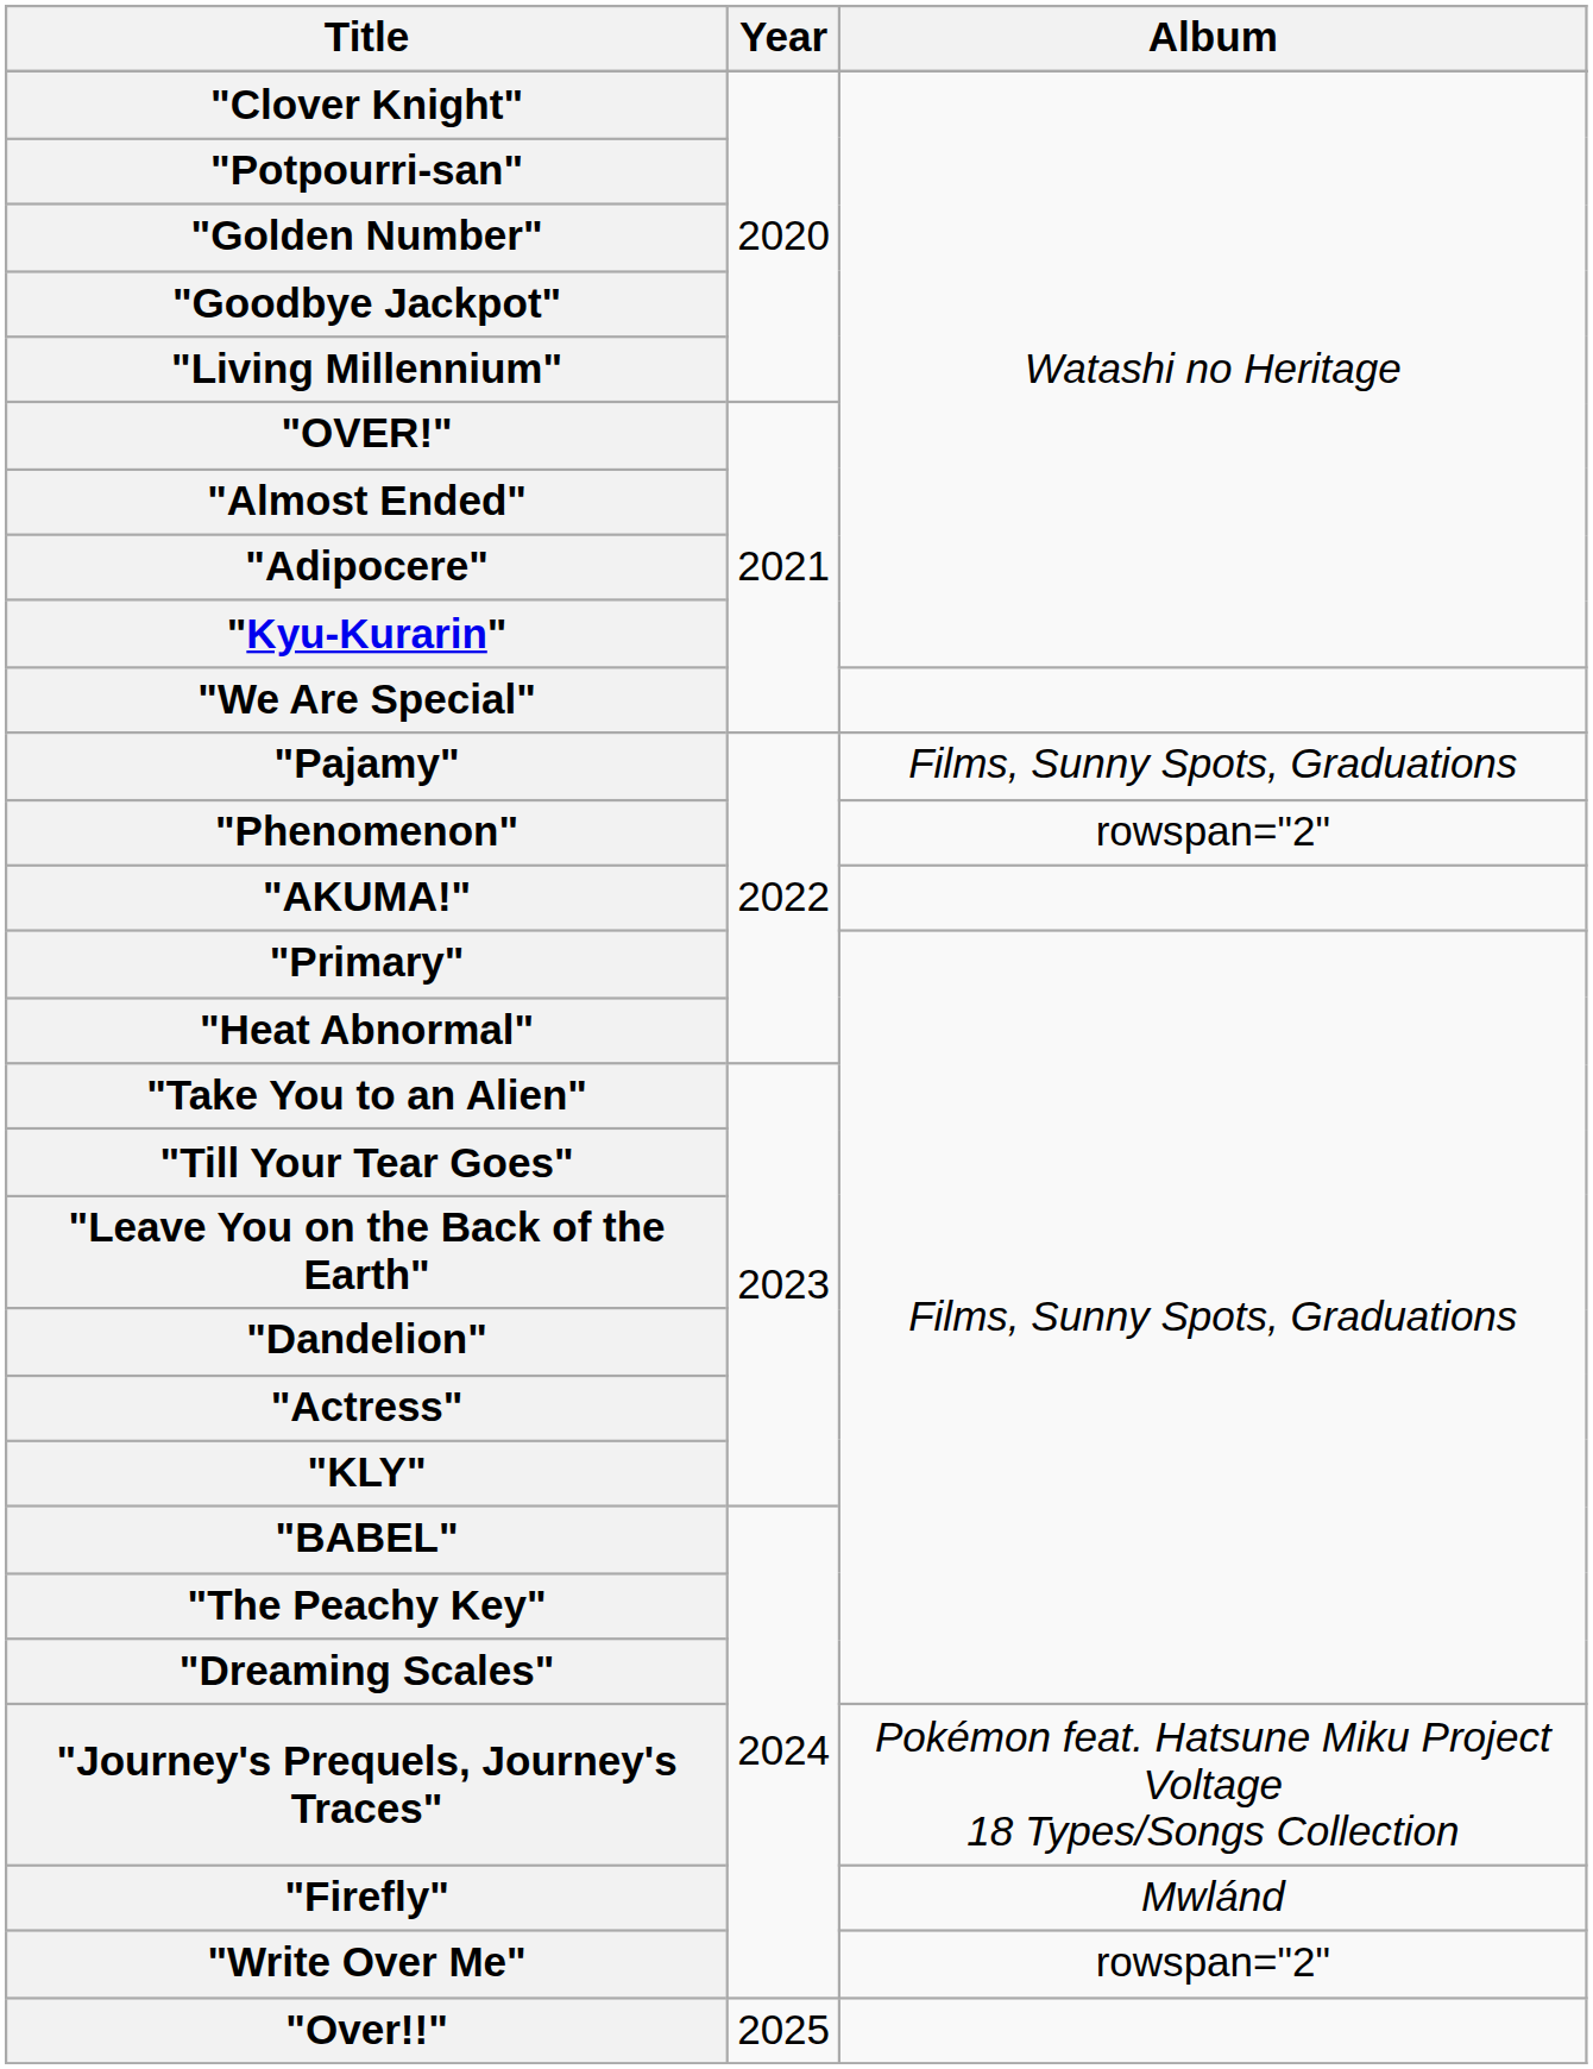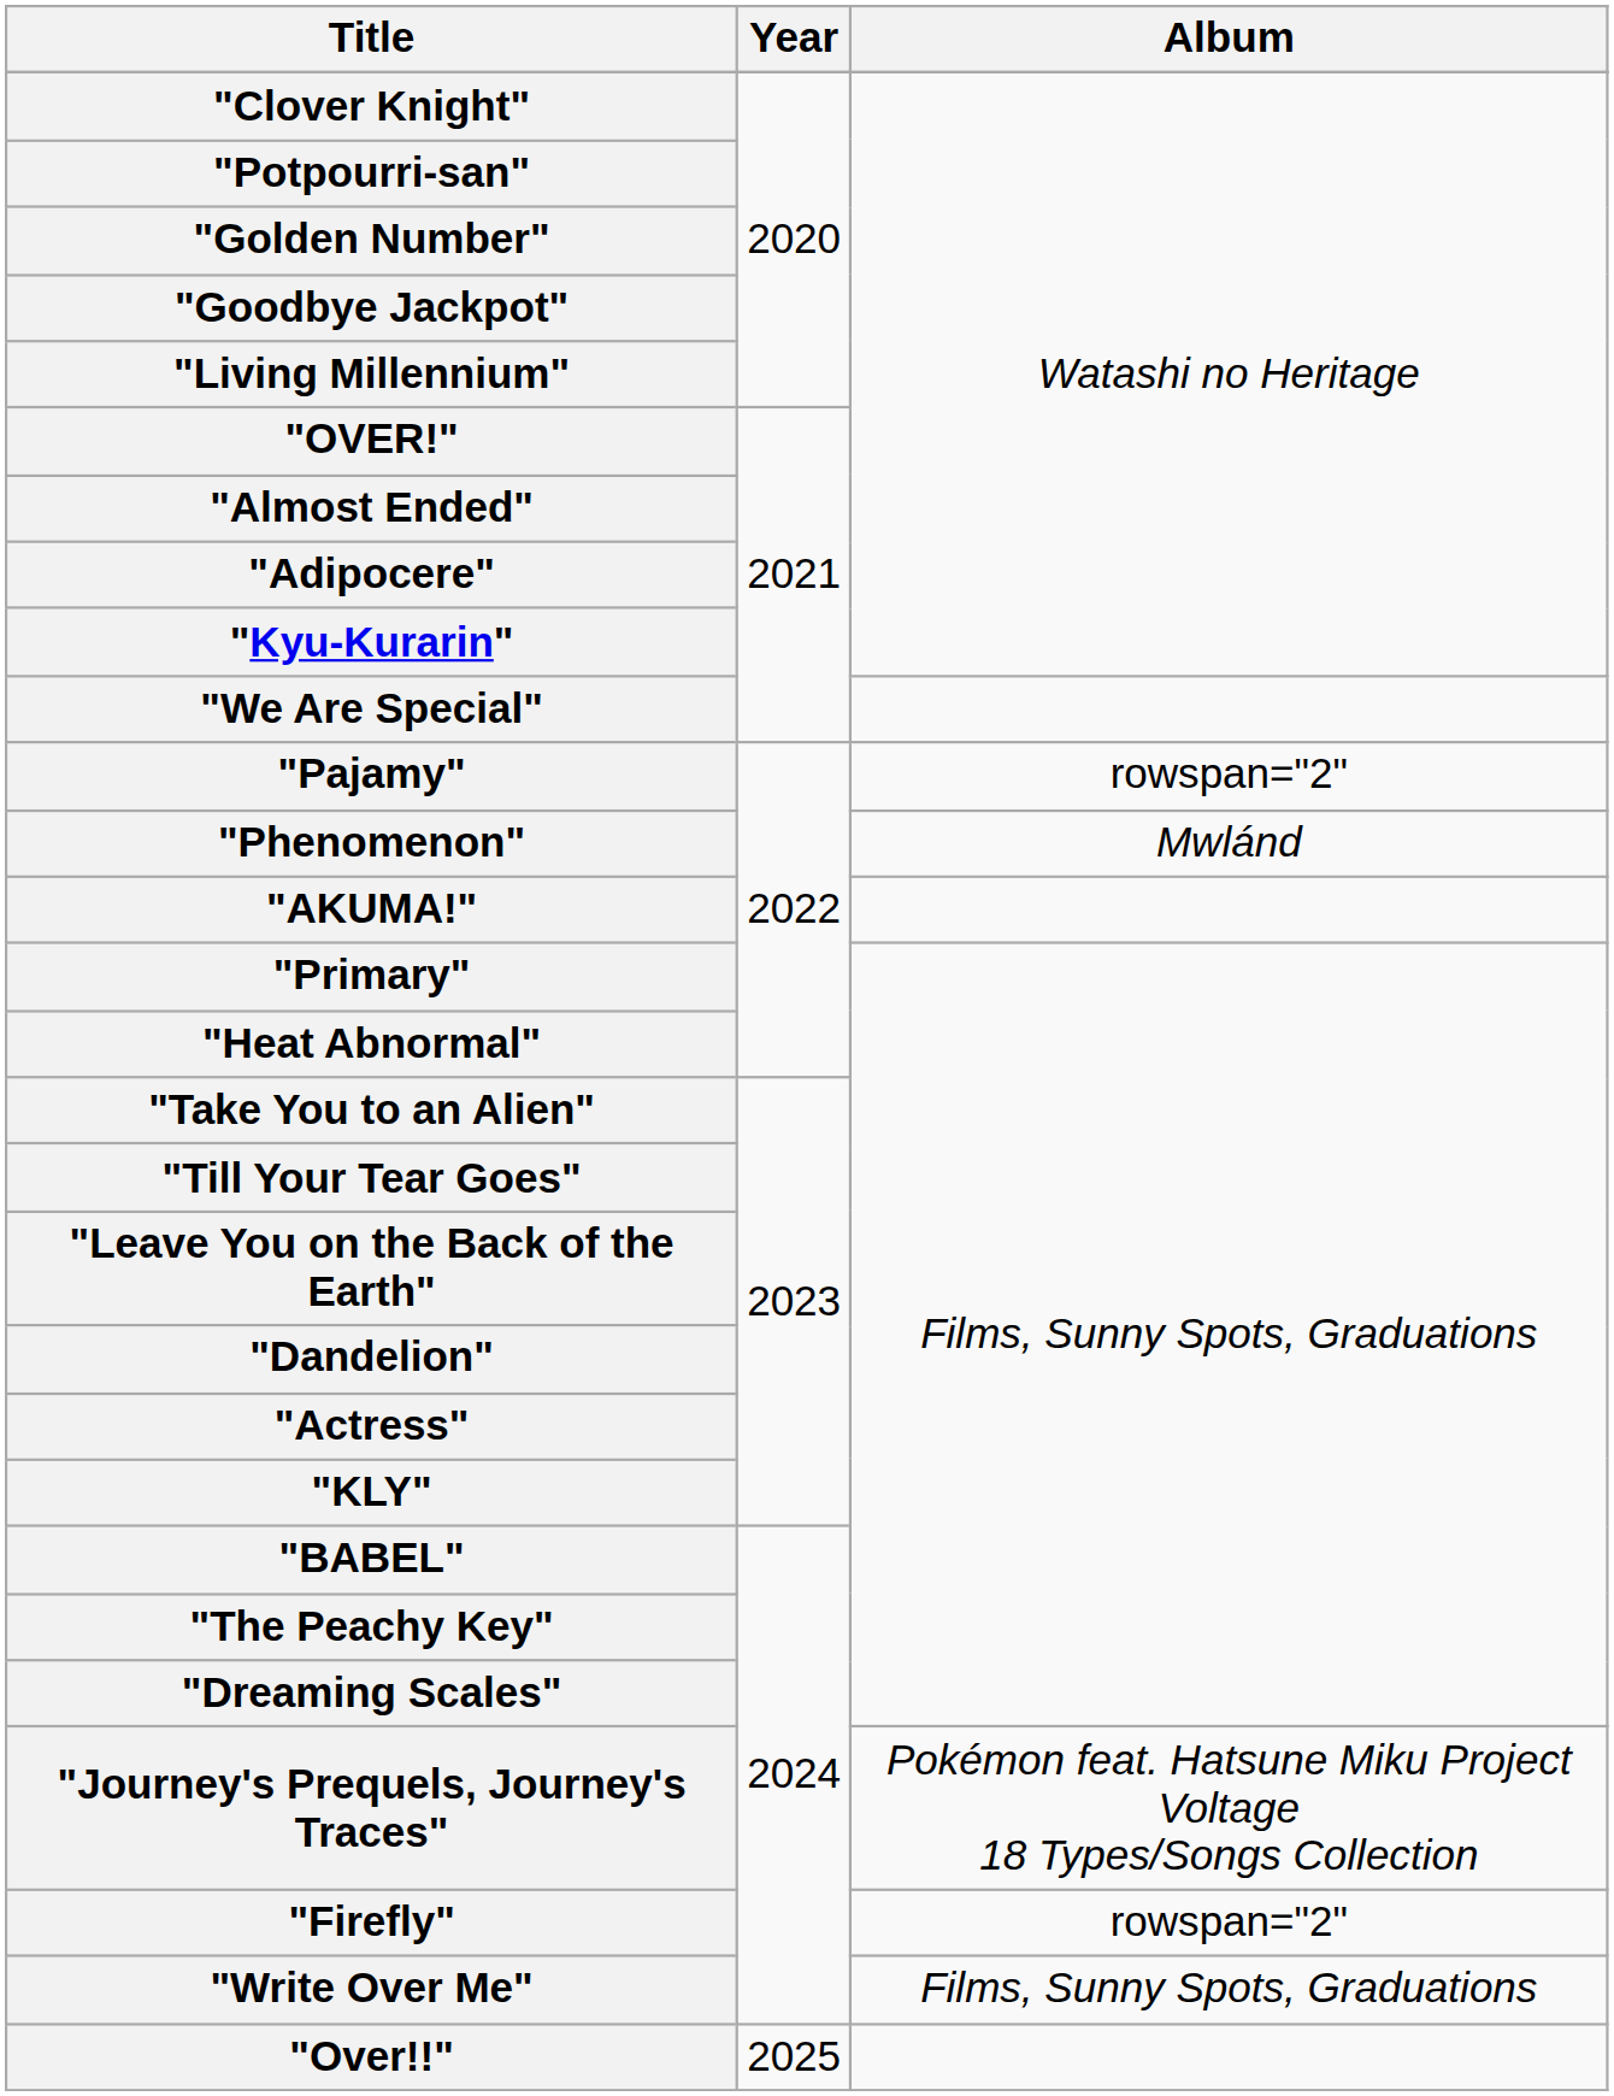 <table class="wikitable plainrowheaders" style="text-align:center;">
 <tr>
 <th scope="col">Title</th>
 <th scope="col">Year</th>
 <th scope="col">Album</th>
 </tr>
 <tr style="font-size:smaller;">
 </tr>
 <tr>
 <th scope="row">"Clover Knight"</th>
 <td rowspan="5">2020</td>
 <td rowspan="9"><em>Watashi no Heritage</em></td>
 </tr>
 <tr>
 <th scope="row">"Potpourri-san"</th>
 </tr>
 <tr>
 <th scope="row">"Golden Number"</th>
 </tr>
 <tr>
 <th scope="row">"Goodbye Jackpot"</th>
 </tr>
 <tr>
 <th scope="row">"Living Millennium"</th>
 </tr>
 <tr>
 <th scope="row">"OVER!"</th>
 <td rowspan="5">2021</td>
 </tr>
 <tr>
 <th scope="row">"Almost Ended"</th>
 </tr>
 <tr>
 <th scope="row">"Adipocere"</th>
 </tr>
 <tr>
 <th scope="row">"<a href='#'>Kyu-Kurarin</a>"</th>
 </tr>
 <tr>
 <th scope="row">"We Are Special"</th>
 <td></td>
 </tr>
 <tr>
 <th scope="row">"Pajamy"</th>
 <td rowspan="5">2022</td>
-<td><em>Films, Sunny Spots, Graduations</em></td>
+<td>rowspan="2" </td>
 </tr>
 <tr>
 <th scope="row">"Phenomenon"</th>
-<td>rowspan="2" </td>
+<td><em>Mwlánd</em></td>
 </tr>
 <tr>
 <th scope="row">"AKUMA!"</th>
 </tr>
 <tr>
 <th scope="row">"Primary"</th>
 <td rowspan="11"><em>Films, Sunny Spots, Graduations</em></td>
 </tr>
 <tr>
 <th scope="row">"Heat Abnormal"<br></th>
 </tr>
 <tr>
 <th scope="row">"Take You to an Alien"<br></th>
 <td rowspan="6">2023</td>
 </tr>
 <tr>
 <th scope="row">"Till Your Tear Goes"</th>
 </tr>
 <tr>
 <th scope="row">"Leave You on the Back of the Earth"<br></th>
 </tr>
 <tr>
 <th scope="row">"Dandelion"</th>
 </tr>
 <tr>
 <th scope="row">"Actress"</th>
 </tr>
 <tr>
 <th scope="row">"KLY"</th>
 </tr>
 <tr>
 <th scope="row">"BABEL"</th>
 <td rowspan="6">2024</td>
 </tr>
 <tr>
 <th scope="row">"The Peachy Key"</th>
 </tr>
 <tr>
 <th scope="row">"Dreaming Scales"</th>
 </tr>
 <tr>
 <th scope="row">"Journey's Prequels, Journey's Traces"<br></th>
 <td><em>Pokémon feat. Hatsune Miku Project Voltage<br>18 Types/Songs Collection</em></td>
 </tr>
 <tr>
 <th scope="row">"Firefly"<br></th>
-<td><em>Mwlánd</em></td>
+<td>rowspan="2" </td>
 </tr>
 <tr>
 <th scope="row">"Write Over Me"</th>
-<td>rowspan="2" </td>
+<td><em>Films, Sunny Spots, Graduations</em></td>
 </tr>
 <tr>
 <th scope="row">"Over!&excl;"</th>
 <td>2025</td>
 </tr>
 </table>
